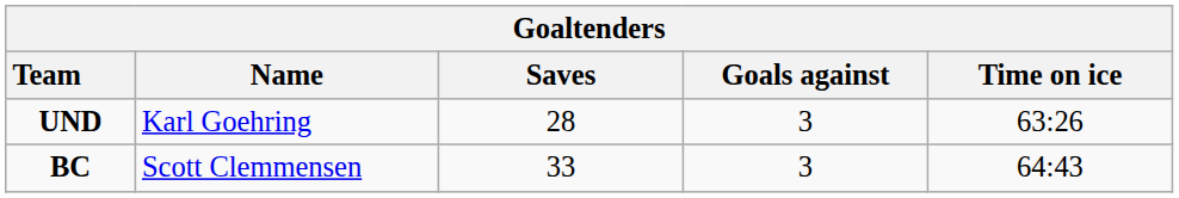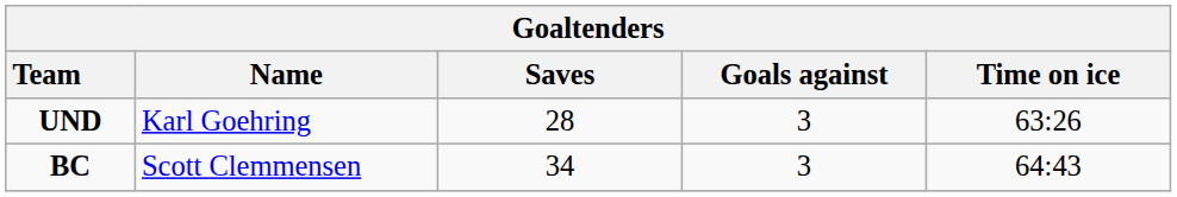 <table class="wikitable" style="width:40em; text-align:right;">
 <tr>
 <th colspan=5>Goaltenders</th>
 </tr>
 <tr>
 <th style="width:4em; text-align:left;">Team</th>
 <th style="width:10em;">Name</th>
 <th style="width:8em;">Saves</th>
 <th style="width:8em;">Goals against</th>
 <th style="width:8em;">Time on ice</th>
 </tr>
 <tr>
 <td align=center><strong>UND</strong></td>
 <td style="text-align:left;"><a href='#'>Karl Goehring</a></td>
 <td align=center>28</td>
 <td align=center>3</td>
 <td align=center>63:26</td>
 </tr>
 <tr>
 <td align=center><strong>BC</strong></td>
 <td style="text-align:left;"><a href='#'>Scott Clemmensen</a></td>
-<td align=center>33</td>
+<td align=center>34</td>
 <td align=center>3</td>
 <td align=center>64:43</td>
 </tr>
 </table>
